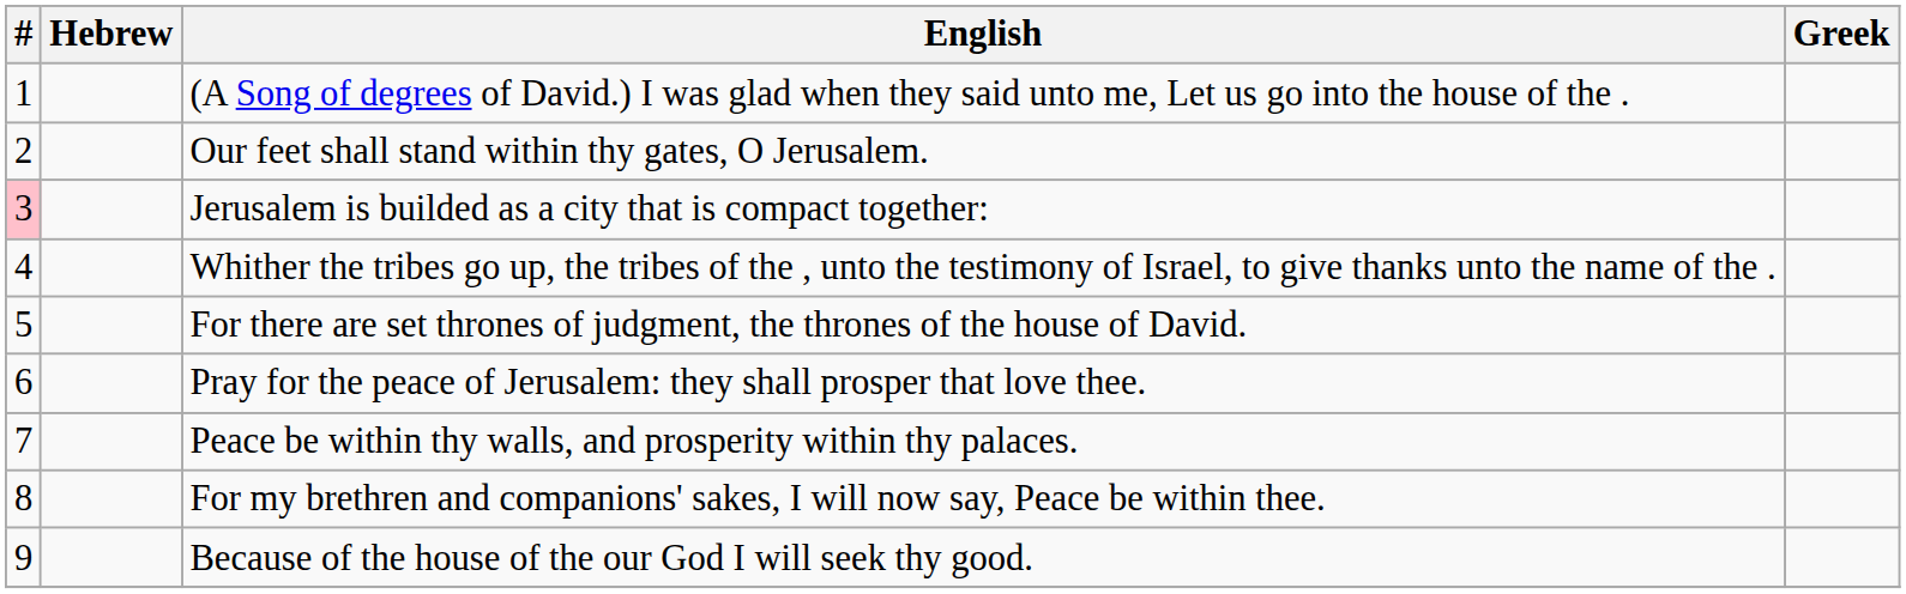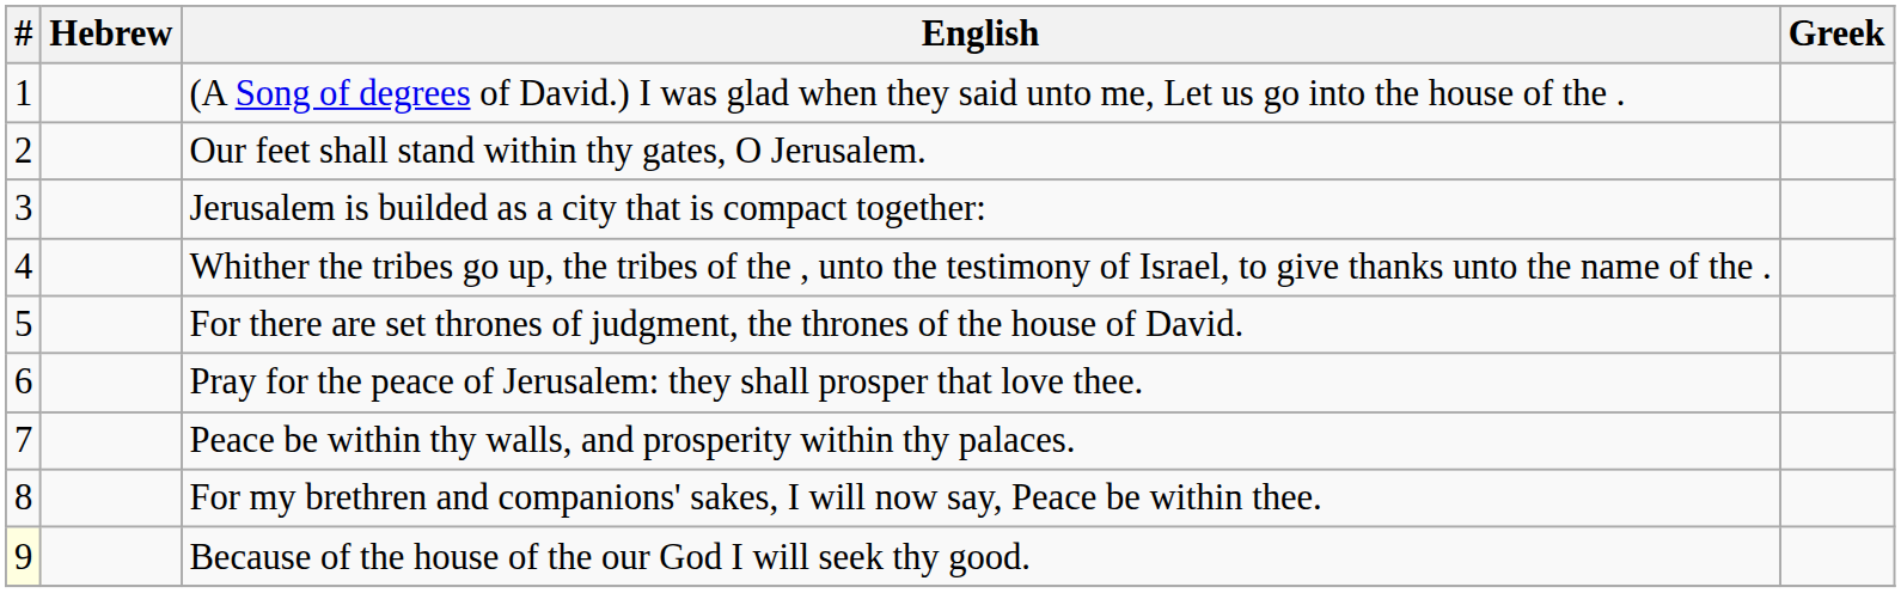 <table class=wikitable>
 <tr>
 <th>#</th>
 <th>Hebrew</th>
 <th>English</th>
 <th>Greek</th>
 </tr>
 <tr>
 <td style="text-align:right">1</td>
 <td style="text-align:right"></td>
 <td>(A <a href='#'>Song of degrees</a> of David.) I was glad when they said unto me, Let us go into the house of the .</td>
 <td></td>
 </tr>
 <tr>
 <td style="text-align:right">2</td>
 <td style="text-align:right"></td>
 <td>Our feet shall stand within thy gates, O Jerusalem.</td>
 <td></td>
 </tr>
 <tr>
-<td style="background: pink; text-align:right">3</td>
+<td style="text-align:right">3</td>
 <td style="text-align:right"></td>
 <td>Jerusalem is builded as a city that is compact together:</td>
 <td></td>
 </tr>
 <tr>
 <td style="text-align:right">4</td>
 <td style="text-align:right"></td>
 <td>Whither the tribes go up, the tribes of the , unto the testimony of Israel, to give thanks unto the name of the .</td>
 <td></td>
 </tr>
 <tr>
 <td style="text-align:right">5</td>
 <td style="text-align:right"></td>
 <td>For there are set thrones of judgment, the thrones of the house of David.</td>
 <td></td>
 </tr>
 <tr>
 <td style="text-align:right">6</td>
 <td style="text-align:right"></td>
 <td>Pray for the peace of Jerusalem: they shall prosper that love thee.</td>
 <td></td>
 </tr>
 <tr>
 <td style="text-align:right">7</td>
 <td style="text-align:right"></td>
 <td>Peace be within thy walls, and prosperity within thy palaces.</td>
 <td></td>
 </tr>
 <tr>
 <td style="text-align:right">8</td>
 <td style="text-align:right"></td>
 <td>For my brethren and companions' sakes, I will now say, Peace be within thee.</td>
 <td></td>
 </tr>
 <tr>
-<td style="text-align:right">9</td>
+<td style="background: lightyellow; text-align:right">9</td>
 <td style="text-align:right"></td>
 <td>Because of the house of the  our God I will seek thy good.</td>
 <td></td>
 </tr>
 <tr>
 </tr>
 </table>
